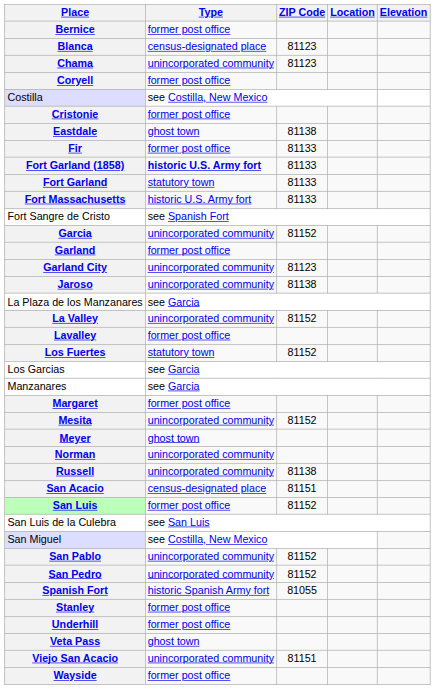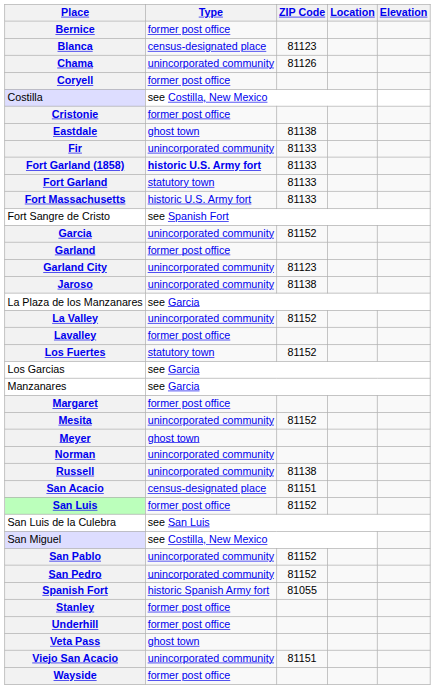 <table class="wikitable sortable  plainrowheaders" style="margin:auto;">
 <tr>
 <th scope=col><a href='#'>Place</a></th>
 <th scope=col><a href='#'>Type</a></th>
 <th scope=col><a href='#'>ZIP Code</a></th>
 <th scope=col><a href='#'>Location</a></th>
 <th scope=col><a href='#'>Elevation</a></th>
 </tr>
 <tr>
 <th scope=row><a href='#'>Bernice</a></th>
 <td><a href='#'>former post office</a></td>
 <td align=center></td>
 <td></td>
 <td></td>
 </tr>
 <tr>
 <th scope=row><a href='#'>Blanca</a></th>
 <td><a href='#'>census-designated place</a></td>
 <td align=center>81123</td>
 <td></td>
 <td align=right></td>
 </tr>
 <tr>
 <th scope=row><a href='#'>Chama</a></th>
 <td><a href='#'>unincorporated community</a></td>
-<td align=center>81123</td>
+<td align=center>81126</td>
 <td></td>
 <td align=right></td>
 </tr>
 <tr>
 <th scope=row><a href='#'>Coryell</a></th>
 <td><a href='#'>former post office</a></td>
 <td align=center></td>
 <td></td>
 <td></td>
 </tr>
 <tr bgcolor=white>
 <td style="background:#DDDDFF;">Costilla</td>
 <td colspan=3>see <a href='#'>Costilla, New Mexico</a></td>
 <td align=center></td>
 </tr>
 <tr>
 <th scope=row><a href='#'>Cristonie</a></th>
 <td><a href='#'>former post office</a></td>
 <td align=center></td>
 <td></td>
 <td></td>
 </tr>
 <tr>
 <th scope=row><a href='#'>Eastdale</a></th>
 <td><a href='#'>ghost town</a></td>
 <td align=center>81138</td>
 <td></td>
 <td align=right></td>
 </tr>
 <tr>
 <th scope=row><a href='#'>Fir</a></th>
-<td><a href='#'>former post office</a></td>
+<td><a href='#'>unincorporated community</a></td>
 <td align=center>81133</td>
 <td></td>
 <td align=right></td>
 </tr>
 <tr>
 <th scope=row><a href='#'>Fort Garland (1858)</a></th>
 <td><strong><a href='#'>historic U.S. Army fort</a></strong></td>
 <td align=center>81133</td>
 <td></td>
 <td align=right></td>
 </tr>
 <tr>
 <th scope=row><a href='#'>Fort Garland</a></th>
 <td><a href='#'>statutory town</a></td>
 <td align=center>81133</td>
 <td></td>
 <td align=right></td>
 </tr>
 <tr>
 <th scope=row><a href='#'>Fort Massachusetts</a></th>
 <td><a href='#'>historic U.S. Army fort</a></td>
 <td align=center>81133</td>
 <td></td>
 <td align=right></td>
 </tr>
 <tr bgcolor=white>
 <td>Fort Sangre de Cristo</td>
 <td colspan=4>see <a href='#'>Spanish Fort</a></td>
 </tr>
 <tr>
 <th scope=row><a href='#'>Garcia</a></th>
 <td><a href='#'>unincorporated community</a></td>
 <td align=center>81152</td>
 <td></td>
 <td align=right></td>
 </tr>
 <tr>
 <th scope=row><a href='#'>Garland</a></th>
 <td><a href='#'>former post office</a></td>
 <td align=center></td>
 <td></td>
 <td></td>
 </tr>
 <tr>
 <th scope=row><a href='#'>Garland City</a></th>
 <td><a href='#'>unincorporated community</a></td>
 <td align=center>81123</td>
 <td></td>
 <td align=right></td>
 </tr>
 <tr>
 <th scope=row><a href='#'>Jaroso</a></th>
 <td><a href='#'>unincorporated community</a></td>
 <td align=center>81138</td>
 <td></td>
 <td align=right></td>
 </tr>
 <tr bgcolor=white>
 <td>La Plaza de los Manzanares</td>
 <td colspan=4>see <a href='#'>Garcia</a></td>
 </tr>
 <tr>
 <th scope=row><a href='#'>La Valley</a></th>
 <td><a href='#'>unincorporated community</a></td>
 <td align=center>81152</td>
 <td></td>
 <td align=right></td>
 </tr>
 <tr>
 <th scope=row><a href='#'>Lavalley</a></th>
 <td><a href='#'>former post office</a></td>
 <td align=center></td>
 <td></td>
 <td></td>
 </tr>
 <tr>
 <th scope=row><a href='#'>Los Fuertes</a></th>
 <td><a href='#'>statutory town</a></td>
 <td align=center>81152</td>
 <td></td>
 <td align=right></td>
 </tr>
 <tr bgcolor=white>
 <td>Los Garcias</td>
 <td colspan=4>see <a href='#'>Garcia</a></td>
 </tr>
 <tr bgcolor=white>
 <td>Manzanares</td>
 <td colspan=4>see <a href='#'>Garcia</a></td>
 </tr>
 <tr>
 <th scope=row><a href='#'>Margaret</a></th>
 <td><a href='#'>former post office</a></td>
 <td align=center></td>
 <td></td>
 <td></td>
 </tr>
 <tr>
 <th scope=row><a href='#'>Mesita</a></th>
 <td><a href='#'>unincorporated community</a></td>
 <td align=center>81152</td>
 <td></td>
 <td align=right></td>
 </tr>
 <tr>
 <th scope=row><a href='#'>Meyer</a></th>
 <td><a href='#'>ghost town</a></td>
 <td align=center></td>
 <td></td>
 <td></td>
 </tr>
 <tr>
 <th scope=row><a href='#'>Norman</a></th>
 <td><a href='#'>unincorporated community</a></td>
 <td align=center></td>
 <td></td>
 <td></td>
 </tr>
 <tr>
 <th scope=row><a href='#'>Russell</a></th>
 <td><a href='#'>unincorporated community</a></td>
 <td align=center>81138</td>
 <td></td>
 <td align=right></td>
 </tr>
 <tr>
 <th scope=row><a href='#'>San Acacio</a></th>
 <td><a href='#'>census-designated place</a></td>
 <td align=center>81151</td>
 <td></td>
 <td align=right></td>
 </tr>
 <tr>
 <th scope=row style="background:#BBFFBB;"><a href='#'>San Luis</a></th>
 <td><a href='#'>former post office</a></td>
 <td align=center>81152</td>
 <td></td>
 <td align=right></td>
 </tr>
 <tr bgcolor=white>
 <td>San Luis de la Culebra</td>
 <td colspan=4>see <a href='#'>San Luis</a></td>
 </tr>
 <tr bgcolor=white>
 <td style="background:#DDDDFF;">San Miguel</td>
 <td colspan=3>see <a href='#'>Costilla, New Mexico</a></td>
 </tr>
 <tr>
 <th scope=row><a href='#'>San Pablo</a></th>
 <td><a href='#'>unincorporated community</a></td>
 <td align=center>81152</td>
 <td></td>
 <td align=right></td>
 </tr>
 <tr>
 <th scope=row><a href='#'>San Pedro</a></th>
 <td><a href='#'>unincorporated community</a></td>
 <td align=center>81152</td>
 <td></td>
 <td align=right></td>
 </tr>
 <tr>
 <th scope=row><a href='#'>Spanish Fort</a></th>
 <td><a href='#'>historic Spanish Army fort</a></td>
 <td align=center>81055</td>
 <td></td>
 <td align=right></td>
 </tr>
 <tr>
 <th scope=row><a href='#'>Stanley</a></th>
 <td><a href='#'>former post office</a></td>
 <td align=center></td>
 <td></td>
 <td></td>
 </tr>
 <tr>
 <th scope=row><a href='#'>Underhill</a></th>
 <td><a href='#'>former post office</a></td>
 <td align=center></td>
 <td></td>
 <td></td>
 </tr>
 <tr>
 <th scope=row><a href='#'>Veta Pass</a></th>
 <td><a href='#'>ghost town</a></td>
 <td align=center></td>
 <td></td>
 <td></td>
 </tr>
 <tr>
 <th scope=row><a href='#'>Viejo San Acacio</a></th>
 <td><a href='#'>unincorporated community</a></td>
 <td align=center>81151</td>
 <td></td>
 <td align=right></td>
 </tr>
 <tr>
 <th scope=row><a href='#'>Wayside</a></th>
 <td><a href='#'>former post office</a></td>
 <td align=center></td>
 <td></td>
 <td></td>
 </tr>
 </table>
